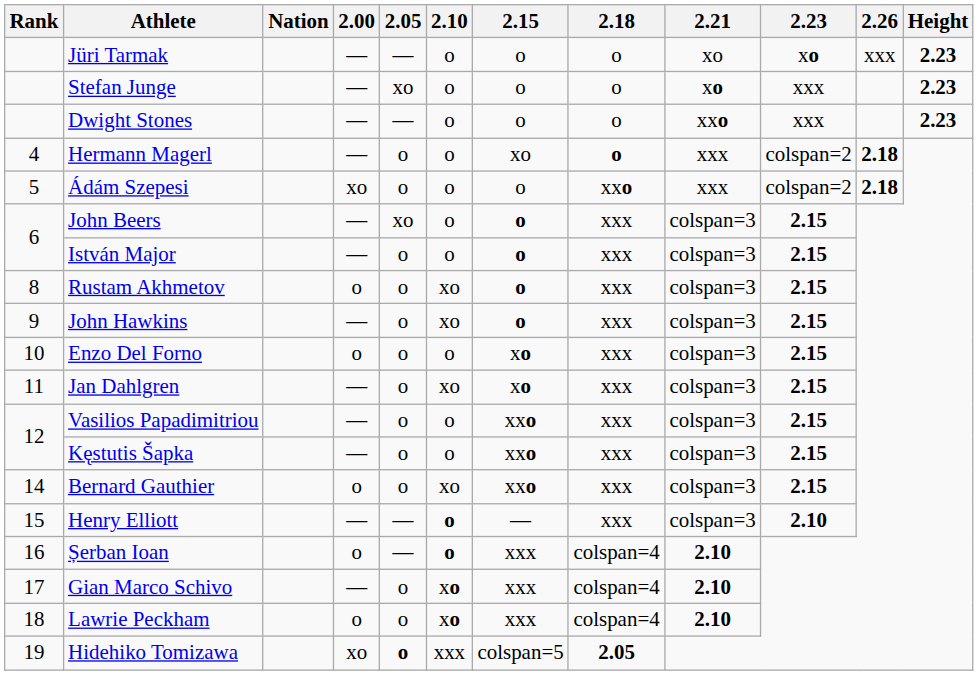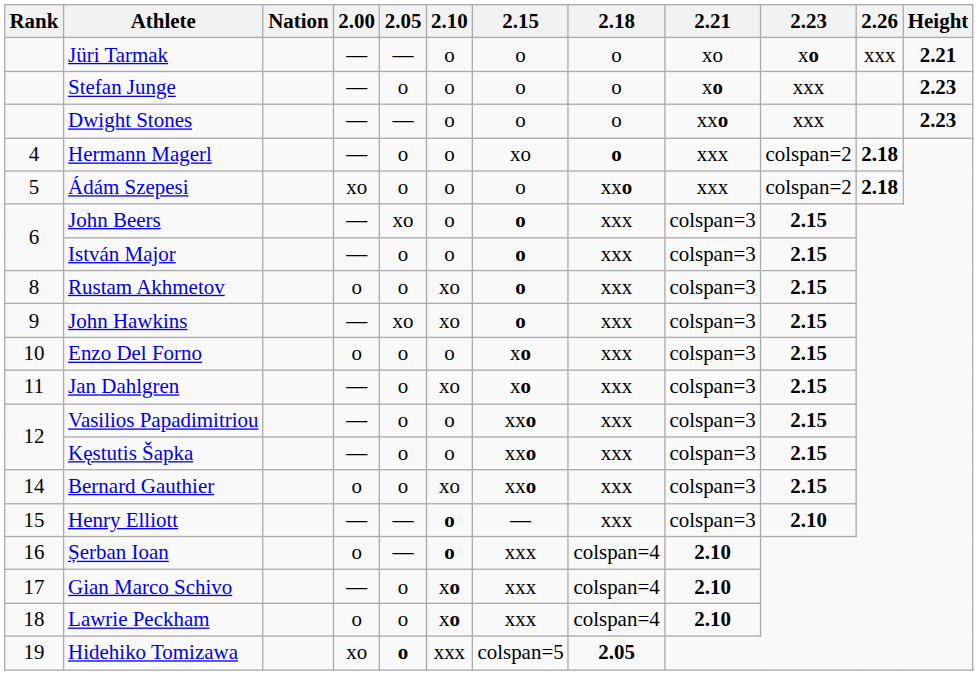 <table class="wikitable sortable" style="text-align:center">
 <tr>
 <th>Rank</th>
 <th>Athlete</th>
 <th>Nation</th>
 <th>2.00</th>
 <th>2.05</th>
 <th>2.10</th>
 <th>2.15</th>
 <th>2.18</th>
 <th>2.21</th>
 <th>2.23</th>
 <th>2.26</th>
 <th>Height</th>
 </tr>
 <tr>
 <td></td>
 <td align=left><a href='#'>Jüri Tarmak</a></td>
 <td align=left></td>
 <td>—</td>
 <td>—</td>
 <td>o</td>
 <td>o</td>
 <td>o</td>
 <td>xo</td>
 <td>x<strong>o</strong></td>
 <td>xxx</td>
-<td><strong>2.23</strong></td>
+<td><strong>2.21</strong></td>
 </tr>
 <tr>
 <td></td>
 <td align=left><a href='#'>Stefan Junge</a></td>
 <td align=left></td>
 <td>—</td>
-<td>xo</td>
+<td>o</td>
 <td>o</td>
 <td>o</td>
 <td>o</td>
 <td>x<strong>o</strong></td>
 <td>xxx</td>
 <td></td>
 <td><strong>2.23</strong></td>
 </tr>
 <tr>
 <td></td>
 <td align=left><a href='#'>Dwight Stones</a></td>
 <td align=left></td>
 <td>—</td>
 <td>—</td>
 <td>o</td>
 <td>o</td>
 <td>o</td>
 <td>xx<strong>o</strong></td>
 <td>xxx</td>
 <td></td>
 <td><strong>2.23</strong></td>
 </tr>
 <tr>
 <td>4</td>
 <td align=left><a href='#'>Hermann Magerl</a></td>
 <td align=left></td>
 <td>—</td>
 <td>o</td>
 <td>o</td>
 <td>xo</td>
 <td><strong>o</strong></td>
 <td>xxx</td>
 <td>colspan=2 </td>
 <td><strong>2.18</strong></td>
 </tr>
 <tr>
 <td>5</td>
 <td align=left><a href='#'>Ádám Szepesi</a></td>
 <td align=left></td>
 <td>xo</td>
 <td>o</td>
 <td>o</td>
 <td>o</td>
 <td>xx<strong>o</strong></td>
 <td>xxx</td>
 <td>colspan=2 </td>
 <td><strong>2.18</strong></td>
 </tr>
 <tr>
 <td rowspan=2>6</td>
 <td align=left><a href='#'>John Beers</a></td>
 <td align=left></td>
 <td>—</td>
 <td>xo</td>
 <td>o</td>
 <td><strong>o</strong></td>
 <td>xxx</td>
 <td>colspan=3 </td>
 <td><strong>2.15</strong></td>
 </tr>
 <tr>
 <td align=left><a href='#'>István Major</a></td>
 <td align=left></td>
 <td>—</td>
 <td>o</td>
 <td>o</td>
 <td><strong>o</strong></td>
 <td>xxx</td>
 <td>colspan=3 </td>
 <td><strong>2.15</strong></td>
 </tr>
 <tr>
 <td>8</td>
 <td align=left><a href='#'>Rustam Akhmetov</a></td>
 <td align=left></td>
 <td>o</td>
 <td>o</td>
 <td>xo</td>
 <td><strong>o</strong></td>
 <td>xxx</td>
 <td>colspan=3 </td>
 <td><strong>2.15</strong></td>
 </tr>
 <tr>
 <td>9</td>
 <td align=left><a href='#'>John Hawkins</a></td>
 <td align=left></td>
 <td>—</td>
-<td>o</td>
+<td>xo</td>
 <td>xo</td>
 <td><strong>o</strong></td>
 <td>xxx</td>
 <td>colspan=3 </td>
 <td><strong>2.15</strong></td>
 </tr>
 <tr>
 <td>10</td>
 <td align=left><a href='#'>Enzo Del Forno</a></td>
 <td align=left></td>
 <td>o</td>
 <td>o</td>
 <td>o</td>
 <td>x<strong>o</strong></td>
 <td>xxx</td>
 <td>colspan=3 </td>
 <td><strong>2.15</strong></td>
 </tr>
 <tr>
 <td>11</td>
 <td align=left><a href='#'>Jan Dahlgren</a></td>
 <td align=left></td>
 <td>—</td>
 <td>o</td>
 <td>xo</td>
 <td>x<strong>o</strong></td>
 <td>xxx</td>
 <td>colspan=3 </td>
 <td><strong>2.15</strong></td>
 </tr>
 <tr>
 <td rowspan=2>12</td>
 <td align=left><a href='#'>Vasilios Papadimitriou</a></td>
 <td align=left></td>
 <td>—</td>
 <td>o</td>
 <td>o</td>
 <td>xx<strong>o</strong></td>
 <td>xxx</td>
 <td>colspan=3 </td>
 <td><strong>2.15</strong></td>
 </tr>
 <tr>
 <td align=left><a href='#'>Kęstutis Šapka</a></td>
 <td align=left></td>
 <td>—</td>
 <td>o</td>
 <td>o</td>
 <td>xx<strong>o</strong></td>
 <td>xxx</td>
 <td>colspan=3 </td>
 <td><strong>2.15</strong></td>
 </tr>
 <tr>
 <td>14</td>
 <td align=left><a href='#'>Bernard Gauthier</a></td>
 <td align=left></td>
 <td>o</td>
 <td>o</td>
 <td>xo</td>
 <td>xx<strong>o</strong></td>
 <td>xxx</td>
 <td>colspan=3 </td>
 <td><strong>2.15</strong></td>
 </tr>
 <tr>
 <td>15</td>
 <td align=left><a href='#'>Henry Elliott</a></td>
 <td align=left></td>
 <td>—</td>
 <td>—</td>
 <td><strong>o</strong></td>
 <td>—</td>
 <td>xxx</td>
 <td>colspan=3 </td>
 <td><strong>2.10</strong></td>
 </tr>
 <tr>
 <td>16</td>
 <td align=left><a href='#'>Șerban Ioan</a></td>
 <td align=left></td>
 <td>o</td>
 <td>—</td>
 <td><strong>o</strong></td>
 <td>xxx</td>
 <td>colspan=4 </td>
 <td><strong>2.10</strong></td>
 </tr>
 <tr>
 <td>17</td>
 <td align=left><a href='#'>Gian Marco Schivo</a></td>
 <td align=left></td>
 <td>—</td>
 <td>o</td>
 <td>x<strong>o</strong></td>
 <td>xxx</td>
 <td>colspan=4 </td>
 <td><strong>2.10</strong></td>
 </tr>
 <tr>
 <td>18</td>
 <td align=left><a href='#'>Lawrie Peckham</a></td>
 <td align=left></td>
 <td>o</td>
 <td>o</td>
 <td>x<strong>o</strong></td>
 <td>xxx</td>
 <td>colspan=4 </td>
 <td><strong>2.10</strong></td>
 </tr>
 <tr>
 <td>19</td>
 <td align=left><a href='#'>Hidehiko Tomizawa</a></td>
 <td align=left></td>
 <td>xo</td>
 <td><strong>o</strong></td>
 <td>xxx</td>
 <td>colspan=5 </td>
 <td><strong>2.05</strong></td>
 </tr>
 </table>
